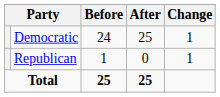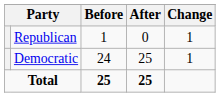 <table class="wikitable" style="text-align:center;">
 <tr>
 </tr>
 <tr>
 <th colspan=2>Party</th>
 <th>Before</th>
 <th>After</th>
 <th>Change</th>
 </tr>
 <tr>
 <th style="background-color:"></th>
-<td style="text-align:left;"><a href='#'>Democratic</a></td>
-<td>24</td>
-<td>25</td>
+<td style="text-align:left;"><a href='#'>Republican</a></td>
+<td>1</td>
+<td>0</td>
 <td> 1</td>
 </tr>
 <tr>
 <th style="background-color:"></th>
-<td style="text-align:left;"><a href='#'>Republican</a></td>
-<td>1</td>
-<td>0</td>
+<td style="text-align:left;"><a href='#'>Democratic</a></td>
+<td>24</td>
+<td>25</td>
 <td> 1</td>
 </tr>
 <tr>
 <td colspan=2><strong>Total</strong></td>
 <td><strong>25</strong></td>
 <td><strong>25</strong></td>
 <td></td>
 </tr>
 </table>
